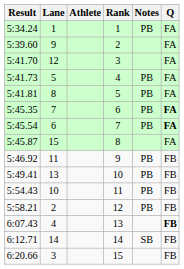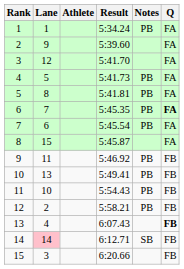 <table class="wikitable sortable" style="text-align:center">
 <tr>
-<th>Result</th>
+<th>Rank</th>
 <th>Lane</th>
 <th>Athlete</th>
-<th>Rank</th>
+<th>Result</th>
 <th>Notes</th>
 <th>Q</th>
 </tr>
 <tr bgcolor=ccffcc>
-<td>5:34.24</td>
+<td>1</td>
 <td>1</td>
 <td align=left></td>
-<td>1</td>
+<td>5:34.24</td>
 <td>PB</td>
 <td>FA</td>
 </tr>
 <tr bgcolor=ccffcc>
-<td>5:39.60</td>
+<td>2</td>
 <td>9</td>
 <td align=left></td>
-<td>2</td>
+<td>5:39.60</td>
 <td></td>
 <td>FA</td>
 </tr>
 <tr bgcolor=ccffcc>
-<td>5:41.70</td>
+<td>3</td>
 <td>12</td>
 <td align=left></td>
-<td>3</td>
+<td>5:41.70</td>
 <td></td>
 <td>FA</td>
 </tr>
 <tr bgcolor=ccffcc>
-<td>5:41.73</td>
+<td>4</td>
 <td>5</td>
 <td align=left></td>
-<td>4</td>
+<td>5:41.73</td>
 <td>PB</td>
 <td>FA</td>
 </tr>
 <tr bgcolor=ccffcc>
-<td>5:41.81</td>
+<td>5</td>
 <td>8</td>
 <td align=left></td>
-<td>5</td>
+<td>5:41.81</td>
 <td>PB</td>
 <td>FA</td>
 </tr>
 <tr bgcolor=ccffcc>
-<td>5:45.35</td>
+<td>6</td>
 <td>7</td>
 <td align=left></td>
-<td>6</td>
+<td>5:45.35</td>
 <td>PB</td>
 <td><strong>FA</strong></td>
 </tr>
 <tr bgcolor=ccffcc>
-<td>5:45.54</td>
+<td>7</td>
 <td>6</td>
 <td align=left></td>
-<td>7</td>
+<td>5:45.54</td>
 <td>PB</td>
-<td><strong>FA</strong></td>
+<td>FA</td>
 </tr>
 <tr bgcolor=ccffcc>
-<td>5:45.87</td>
+<td>8</td>
 <td>15</td>
 <td align=left></td>
-<td>8</td>
+<td>5:45.87</td>
 <td></td>
 <td>FA</td>
 </tr>
 <tr>
-<td>5:46.92</td>
+<td>9</td>
 <td>11</td>
 <td align=left></td>
-<td>9</td>
+<td>5:46.92</td>
 <td>PB</td>
 <td>FB</td>
 </tr>
 <tr>
-<td>5:49.41</td>
+<td>10</td>
 <td>13</td>
 <td align=left></td>
-<td>10</td>
+<td>5:49.41</td>
 <td>PB</td>
 <td>FB</td>
 </tr>
 <tr>
-<td>5:54.43</td>
+<td>11</td>
 <td>10</td>
 <td align=left></td>
-<td>11</td>
+<td>5:54.43</td>
 <td>PB</td>
 <td>FB</td>
 </tr>
 <tr>
-<td>5:58.21</td>
+<td>12</td>
 <td>2</td>
 <td align=left></td>
-<td>12</td>
+<td>5:58.21</td>
 <td>PB</td>
 <td>FB</td>
 </tr>
 <tr>
-<td>6:07.43</td>
+<td>13</td>
 <td>4</td>
 <td align=left></td>
-<td>13</td>
+<td>6:07.43</td>
 <td></td>
 <td><strong>FB</strong></td>
 </tr>
 <tr>
+<td>14</td>
+<td style="background: pink;">14</td>
+<td align=left></td>
 <td>6:12.71</td>
-<td>14</td>
-<td align=left></td>
-<td>14</td>
 <td>SB</td>
 <td>FB</td>
 </tr>
 <tr>
-<td>6:20.66</td>
+<td>15</td>
 <td>3</td>
 <td align=left></td>
-<td>15</td>
+<td>6:20.66</td>
 <td></td>
 <td>FB</td>
 </tr>
 </table>
